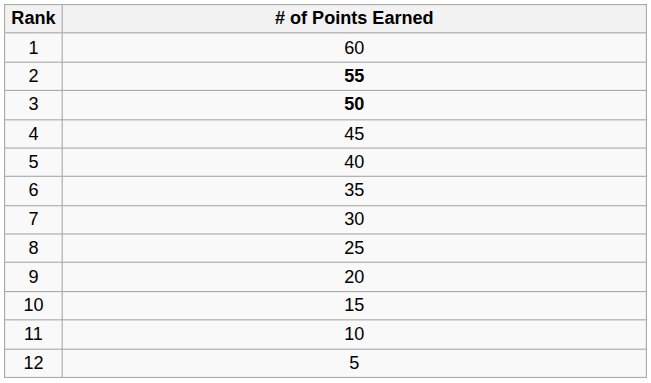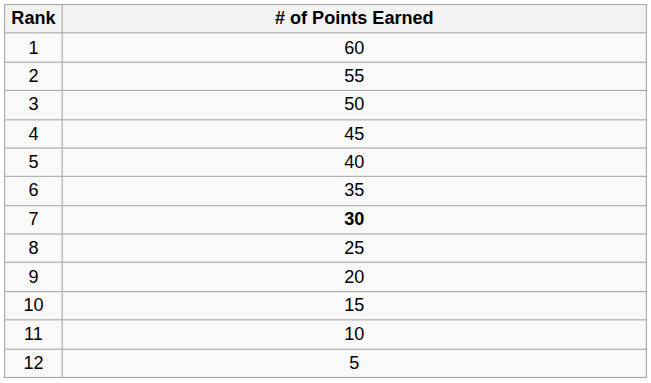 <table style="width:45%;" class="wikitable">
 <tr>
 <th style="text-align:center; width:1%;">Rank</th>
 <th style="text-align:center; width:50%;"># of Points Earned</th>
 </tr>
 <tr scope=row style="text-align:center">
 <td>1</td>
 <td>60</td>
 </tr>
 <tr scope=row style="text-align:center">
 <td>2</td>
-<td><strong>55</strong></td>
+<td>55</td>
 </tr>
 <tr scope=row style="text-align:center">
 <td>3</td>
-<td><strong>50</strong></td>
+<td>50</td>
 </tr>
 <tr scope=row style="text-align:center">
 <td>4</td>
 <td>45</td>
 </tr>
 <tr scope=row style="text-align:center">
 <td>5</td>
 <td>40</td>
 </tr>
 <tr scope=row style="text-align:center">
 <td>6</td>
 <td>35</td>
 </tr>
 <tr scope=row style="text-align:center">
 <td>7</td>
-<td>30</td>
+<td><strong>30</strong></td>
 </tr>
 <tr scope=row style="text-align:center">
 <td>8</td>
 <td>25</td>
 </tr>
 <tr scope=row style="text-align:center">
 <td>9</td>
 <td>20</td>
 </tr>
 <tr scope=row style="text-align:center">
 <td>10</td>
 <td>15</td>
 </tr>
 <tr scope=row style="text-align:center">
 <td>11</td>
 <td>10</td>
 </tr>
 <tr scope=row style="text-align:center">
 <td>12</td>
 <td>5</td>
 </tr>
 </table>
